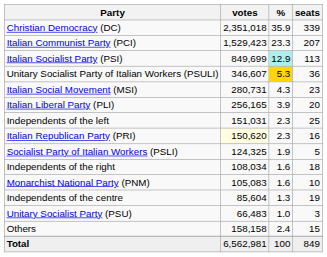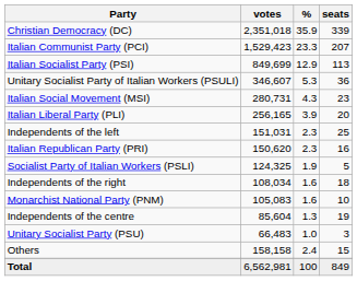 <table class="wikitable" style="font-size: 90%;">
 <tr bgcolor="EFEFEF">
 <th>Party</th>
 <th>votes</th>
 <th>%</th>
 <th>seats</th>
 </tr>
 <tr>
 <td><a href='#'>Christian Democracy</a> (DC)</td>
 <td align=right>2,351,018</td>
 <td align=right>35.9</td>
 <td align=right>339</td>
 </tr>
 <tr>
 <td><a href='#'>Italian Communist Party</a> (PCI)</td>
 <td align=right>1,529,423</td>
 <td align=right>23.3</td>
 <td align=right>207</td>
 </tr>
 <tr>
 <td><a href='#'>Italian Socialist Party</a> (PSI)</td>
 <td align=right>849,699</td>
-<td align=right style="background: paleturquoise;">12.9</td>
+<td align=right>12.9</td>
 <td align=right>113</td>
 </tr>
 <tr>
 <td>Unitary Socialist Party of Italian Workers (PSULI)</td>
 <td align=right>346,607</td>
-<td align=right style="background: gold;">5.3</td>
+<td align=right>5.3</td>
 <td align=right>36</td>
 </tr>
 <tr>
 <td><a href='#'>Italian Social Movement</a> (MSI)</td>
 <td align=right>280,731</td>
 <td align=right>4.3</td>
 <td align=right>23</td>
 </tr>
 <tr>
 <td><a href='#'>Italian Liberal Party</a> (PLI)</td>
 <td align=right>256,165</td>
 <td align=right>3.9</td>
 <td align=right>20</td>
 </tr>
 <tr>
 <td>Independents of the left</td>
 <td align=right>151,031</td>
 <td align=right>2.3</td>
 <td align=right>25</td>
 </tr>
 <tr>
 <td><a href='#'>Italian Republican Party</a> (PRI)</td>
-<td align=right style="background: lightyellow;">150,620</td>
+<td align=right>150,620</td>
 <td align=right>2.3</td>
 <td align=right>16</td>
 </tr>
 <tr>
 <td><a href='#'>Socialist Party of Italian Workers</a> (PSLI)</td>
 <td align=right>124,325</td>
 <td align=right>1.9</td>
 <td align=right>5</td>
 </tr>
 <tr>
 <td>Independents of the right</td>
 <td align=right>108,034</td>
 <td align=right>1.6</td>
 <td align=right>18</td>
 </tr>
 <tr>
 <td><a href='#'>Monarchist National Party</a> (PNM)</td>
 <td align=right>105,083</td>
 <td align=right>1.6</td>
 <td align=right>10</td>
 </tr>
 <tr>
 <td>Independents of the centre</td>
 <td align=right>85,604</td>
 <td align=right>1.3</td>
 <td align=right>19</td>
 </tr>
 <tr>
 <td><a href='#'>Unitary Socialist Party</a> (PSU)</td>
 <td align=right>66,483</td>
 <td align=right>1.0</td>
 <td align=right>3</td>
 </tr>
 <tr>
 <td>Others</td>
 <td align=right>158,158</td>
 <td align=right>2.4</td>
 <td align=right>15</td>
 </tr>
 <tr>
 </tr>
 <tr bgcolor="EFEFEF">
 <td align=left><strong>Total</strong></td>
 <td align=right>6,562,981</td>
 <td align=right>100</td>
 <td align=right>849</td>
 </tr>
 </table>
